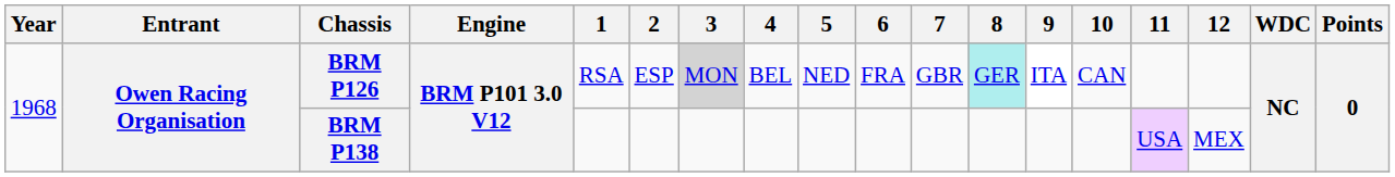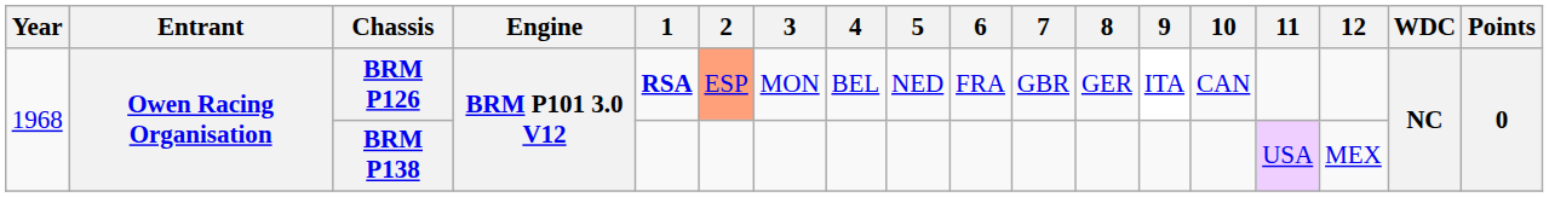 <table class="wikitable" style="text-align:center; font-size:90%">
 <tr>
 <th>Year</th>
 <th>Entrant</th>
 <th>Chassis</th>
 <th>Engine</th>
 <th>1</th>
 <th>2</th>
 <th>3</th>
 <th>4</th>
 <th>5</th>
 <th>6</th>
 <th>7</th>
 <th>8</th>
 <th>9</th>
 <th>10</th>
 <th>11</th>
 <th>12</th>
 <th>WDC</th>
 <th>Points</th>
 </tr>
 <tr>
 <td rowspan="2"><a href='#'>1968</a></td>
 <th rowspan="2"><a href='#'>Owen Racing Organisation</a></th>
 <th><a href='#'>BRM</a> <a href='#'>P126</a></th>
 <th Rowspan="2"><a href='#'>BRM</a> P101 3.0 <a href='#'>V12</a></th>
-<td><a href='#'>RSA</a></td>
-<td><a href='#'>ESP</a></td>
-<td style="background: lightgrey;"><a href='#'>MON</a></td>
+<td><strong><a href='#'>RSA</a></strong></td>
+<td style="background: lightsalmon;"><a href='#'>ESP</a></td>
+<td><a href='#'>MON</a></td>
 <td><a href='#'>BEL</a></td>
 <td><a href='#'>NED</a></td>
 <td><a href='#'>FRA</a></td>
 <td><a href='#'>GBR</a></td>
-<td style="background: paleturquoise;"><a href='#'>GER</a></td>
+<td><a href='#'>GER</a></td>
 <td style="background:#FFFFFF;"><a href='#'>ITA</a><br></td>
 <td><a href='#'>CAN</a></td>
 <td></td>
 <td></td>
 <th rowspan="2">NC</th>
 <th rowspan="2">0</th>
 </tr>
 <tr>
 <th><a href='#'>BRM P138</a></th>
 <td></td>
 <td></td>
 <td></td>
 <td></td>
 <td></td>
 <td></td>
 <td></td>
 <td></td>
 <td></td>
 <td></td>
 <td style="background:#EFCFFF;"><a href='#'>USA</a><br></td>
 <td><a href='#'>MEX</a></td>
 </tr>
 </table>
